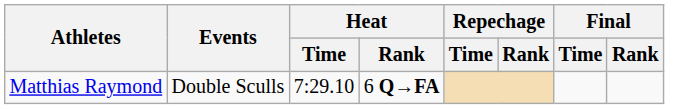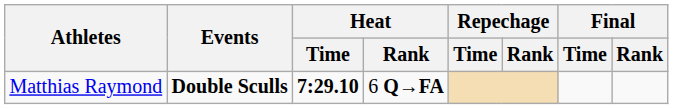 <table class=wikitable style=font-size:90%>
 <tr>
 <th rowspan=2>Athletes</th>
 <th rowspan=2>Events</th>
 <th colspan=2>Heat</th>
 <th colspan=2>Repechage</th>
 <th colspan=2>Final</th>
 </tr>
 <tr>
 <th>Time</th>
 <th>Rank</th>
 <th>Time</th>
 <th>Rank</th>
 <th>Time</th>
 <th>Rank</th>
 </tr>
 <tr>
 <td><a href='#'>Matthias Raymond</a></td>
-<td>Double Sculls</td>
-<td align=center>7:29.10</td>
+<td><strong>Double Sculls</strong></td>
+<td align=center><strong>7:29.10</strong></td>
 <td align=center>6 <strong>Q→FA</strong></td>
 <td colspan="2" bgcolor="wheat"></td>
 <td align=center></td>
 <td align=center></td>
 </tr>
 </table>
